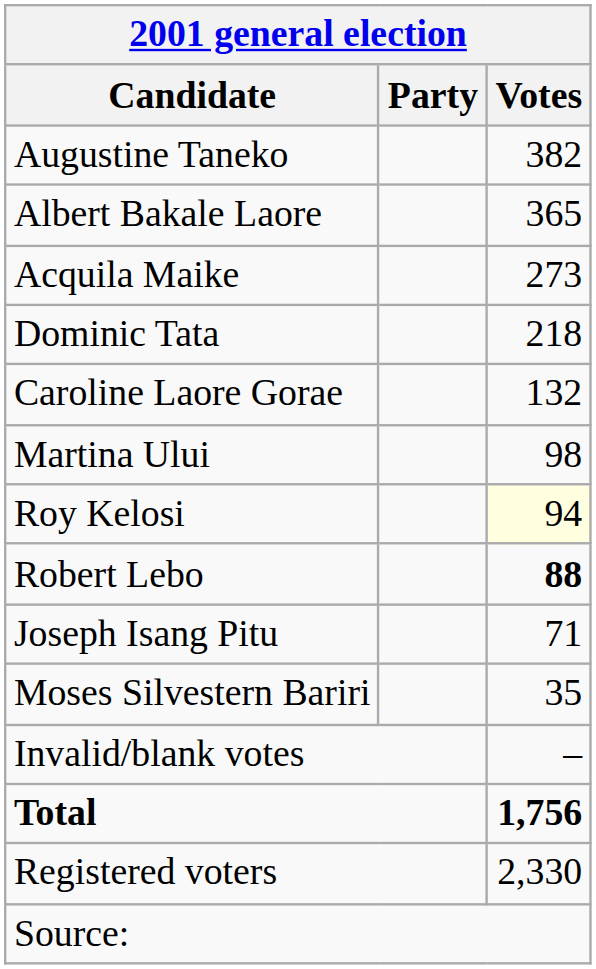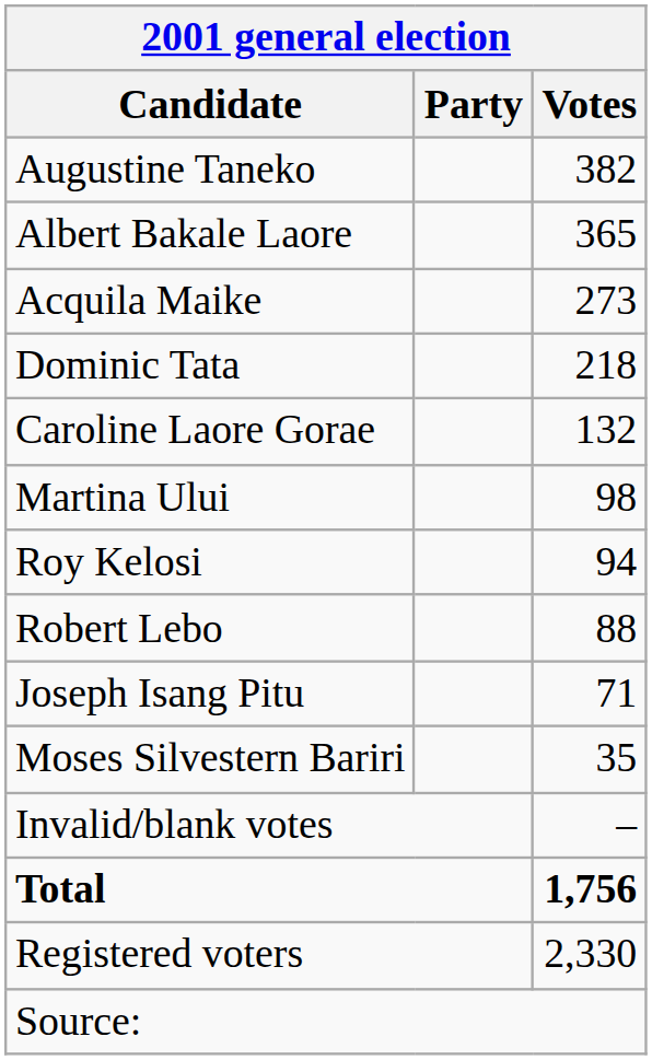 <table class="wikitable" style="text-align:left">
 <tr>
 <th colspan="3"><a href='#'>2001 general election</a></th>
 </tr>
 <tr>
 <th>Candidate</th>
 <th>Party</th>
 <th>Votes</th>
 </tr>
 <tr>
 <td>Augustine Taneko</td>
 <td></td>
 <td align="right">382</td>
 </tr>
 <tr>
 <td>Albert Bakale Laore</td>
 <td></td>
 <td align="right">365</td>
 </tr>
 <tr>
 <td>Acquila Maike</td>
 <td></td>
 <td align="right">273</td>
 </tr>
 <tr>
 <td>Dominic Tata</td>
 <td></td>
 <td align="right">218</td>
 </tr>
 <tr>
 <td>Caroline Laore Gorae</td>
 <td></td>
 <td align="right">132</td>
 </tr>
 <tr>
 <td>Martina Ului</td>
 <td></td>
 <td align="right">98</td>
 </tr>
 <tr>
 <td>Roy Kelosi</td>
 <td></td>
-<td align="right" style="background: lightyellow;">94</td>
+<td align="right">94</td>
 </tr>
 <tr>
 <td>Robert Lebo</td>
 <td></td>
-<td align="right"><strong>88</strong></td>
+<td align="right">88</td>
 </tr>
 <tr>
 <td>Joseph Isang Pitu</td>
 <td></td>
 <td align="right">71</td>
 </tr>
 <tr>
 <td>Moses Silvestern Bariri</td>
 <td></td>
 <td align="right">35</td>
 </tr>
 <tr>
 <td colspan="2">Invalid/blank votes</td>
 <td align="right">–</td>
 </tr>
 <tr>
 <td colspan="2"><strong>Total</strong></td>
 <td align="right"><strong>1,756</strong></td>
 </tr>
 <tr>
 <td colspan="2">Registered voters</td>
 <td align="right">2,330</td>
 </tr>
 <tr>
 <td colspan="3">Source: </td>
 </tr>
 </table>
